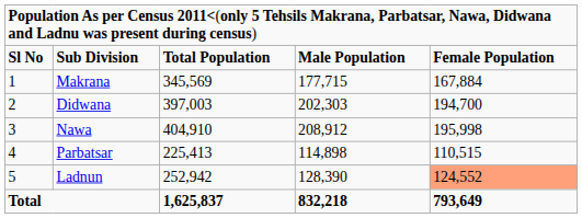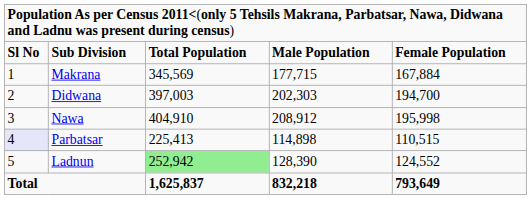 <table class="wikitable">
 <tr>
 <td colspan="5" rowspan="1"><strong>Population As per Census 2011<</strong>(<strong>only 5 Tehsils Makrana, Parbatsar, Nawa, Didwana and Ladnu was present during census</strong>)</td>
 </tr>
 <tr>
 <td><strong>Sl No</strong></td>
 <td><strong>Sub Division</strong></td>
 <td><strong>Total Population</strong></td>
 <td><strong>Male Population</strong></td>
 <td><strong>Female Population</strong></td>
 </tr>
 <tr>
 <td>1</td>
 <td><a href='#'>Makrana</a></td>
 <td>345,569</td>
 <td>177,715</td>
 <td>167,884</td>
 </tr>
 <tr>
 <td>2</td>
 <td><a href='#'>Didwana</a></td>
 <td>397,003</td>
 <td>202,303</td>
 <td>194,700</td>
 </tr>
 <tr>
 <td>3</td>
 <td><a href='#'>Nawa</a></td>
 <td>404,910</td>
 <td>208,912</td>
 <td>195,998</td>
 </tr>
 <tr>
-<td>4</td>
+<td style="background: lavender;">4</td>
 <td><a href='#'>Parbatsar</a></td>
 <td>225,413</td>
 <td>114,898</td>
 <td>110,515</td>
 </tr>
 <tr>
 <td>5</td>
 <td><a href='#'>Ladnun</a></td>
-<td>252,942</td>
+<td style="background: lightgreen;">252,942</td>
 <td>128,390</td>
-<td style="background: lightsalmon;">124,552</td>
+<td>124,552</td>
 </tr>
 <tr>
 <td colspan="2" rowspan="1"><strong>Total</strong></td>
 <td><strong>1,625,837</strong></td>
 <td><strong>832,218</strong></td>
 <td><strong>793,649</strong></td>
 </tr>
 </table>
